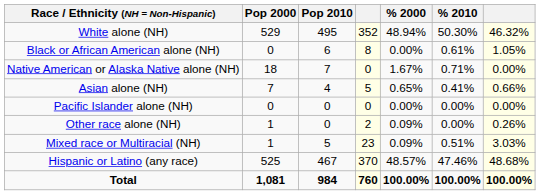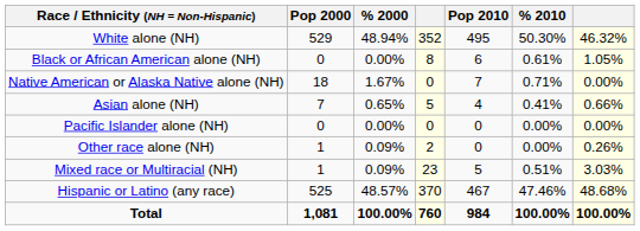 <table class="wikitable" style="text-align:center;">
 <tr>
 <th>Race / Ethnicity <small>(<em>NH = Non-Hispanic</em>)</small></th>
 <th>Pop 2000</th>
+<th>% 2000</th>
+<th></th>
 <th>Pop 2010</th>
-<th></th>
-<th>% 2000</th>
 <th>% 2010</th>
 <th></th>
 </tr>
 <tr>
 <td><a href='#'>White</a> alone (NH)</td>
 <td>529</td>
+<td>48.94%</td>
+<td style='background: #ffffe6;'>352</td>
 <td>495</td>
-<td style='background: #ffffe6;'>352</td>
-<td>48.94%</td>
 <td>50.30%</td>
 <td style='background: #ffffe6;'>46.32%</td>
 </tr>
 <tr>
 <td><a href='#'>Black or African American</a> alone (NH)</td>
 <td>0</td>
+<td>0.00%</td>
+<td style='background: #ffffe6;'>8</td>
 <td>6</td>
-<td style='background: #ffffe6;'>8</td>
-<td>0.00%</td>
 <td>0.61%</td>
 <td style='background: #ffffe6;'>1.05%</td>
 </tr>
 <tr>
 <td><a href='#'>Native American</a> or <a href='#'>Alaska Native</a> alone (NH)</td>
 <td>18</td>
+<td>1.67%</td>
+<td style='background: #ffffe6;'>0</td>
 <td>7</td>
-<td style='background: #ffffe6;'>0</td>
-<td>1.67%</td>
 <td>0.71%</td>
 <td style='background: #ffffe6;'>0.00%</td>
 </tr>
 <tr>
 <td><a href='#'>Asian</a> alone (NH)</td>
 <td>7</td>
+<td>0.65%</td>
+<td style='background: #ffffe6;'>5</td>
 <td>4</td>
-<td style='background: #ffffe6;'>5</td>
-<td>0.65%</td>
 <td>0.41%</td>
 <td style='background: #ffffe6;'>0.66%</td>
 </tr>
 <tr>
 <td><a href='#'>Pacific Islander</a> alone (NH)</td>
 <td>0</td>
+<td>0.00%</td>
+<td style='background: #ffffe6;'>0</td>
 <td>0</td>
-<td style='background: #ffffe6;'>0</td>
-<td>0.00%</td>
 <td>0.00%</td>
 <td style='background: #ffffe6;'>0.00%</td>
 </tr>
 <tr>
 <td><a href='#'>Other race</a> alone (NH)</td>
 <td>1</td>
+<td>0.09%</td>
+<td style='background: #ffffe6;'>2</td>
 <td>0</td>
-<td style='background: #ffffe6;'>2</td>
-<td>0.09%</td>
 <td>0.00%</td>
 <td style='background: #ffffe6;'>0.26%</td>
 </tr>
 <tr>
 <td><a href='#'>Mixed race or Multiracial</a> (NH)</td>
 <td>1</td>
+<td>0.09%</td>
+<td style='background: #ffffe6;'>23</td>
 <td>5</td>
-<td style='background: #ffffe6;'>23</td>
-<td>0.09%</td>
 <td>0.51%</td>
 <td style='background: #ffffe6;'>3.03%</td>
 </tr>
 <tr>
 <td><a href='#'>Hispanic or Latino</a> (any race)</td>
 <td>525</td>
+<td>48.57%</td>
+<td style='background: #ffffe6;'>370</td>
 <td>467</td>
-<td style='background: #ffffe6;'>370</td>
-<td>48.57%</td>
 <td>47.46%</td>
 <td style='background: #ffffe6;'>48.68%</td>
 </tr>
 <tr>
 <td><strong>Total</strong></td>
 <td><strong>1,081</strong></td>
+<td><strong>100.00%</strong></td>
+<td style='background: #ffffe6;'><strong>760</strong></td>
 <td><strong>984</strong></td>
-<td style='background: #ffffe6;'><strong>760</strong></td>
-<td><strong>100.00%</strong></td>
 <td><strong>100.00%</strong></td>
 <td style='background: #ffffe6;'><strong>100.00%</strong></td>
 </tr>
 </table>
